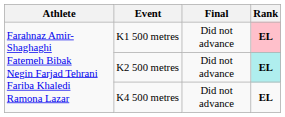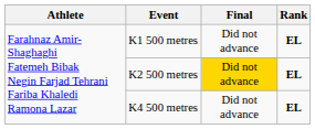 <table class="wikitable" width="60%" style="text-align:center; font-size:90%">
 <tr>
 <th width="40%">Athlete</th>
 <th width="25%">Event</th>
 <th width="25%">Final</th>
 <th width="10%">Rank</th>
 </tr>
 <tr>
 <td rowspan=3 align="left"><a href='#'>Farahnaz Amir-Shaghaghi</a><br><a href='#'>Fatemeh Bibak</a><br><a href='#'>Negin Farjad Tehrani</a><br><a href='#'>Fariba Khaledi</a><br><a href='#'>Ramona Lazar</a></td>
 <td align="left">K1 500 metres</td>
 <td>Did not advance</td>
-<td style="background: pink;"><strong>EL</strong></td>
+<td><strong>EL</strong></td>
 </tr>
 <tr>
 <td align="left">K2 500 metres</td>
-<td>Did not advance</td>
-<td style="background: paleturquoise;"><strong>EL</strong></td>
+<td style="background: gold;">Did not advance</td>
+<td><strong>EL</strong></td>
 </tr>
 <tr>
 <td align="left">K4 500 metres</td>
 <td>Did not advance</td>
 <td><strong>EL</strong></td>
 </tr>
 </table>
